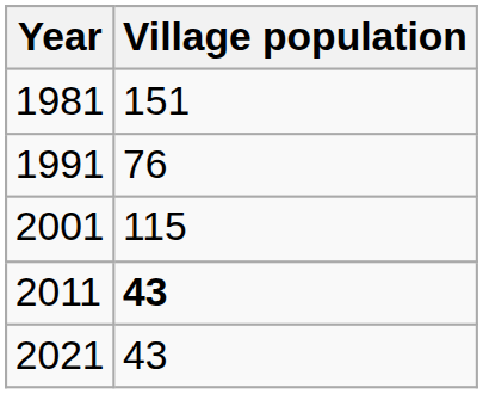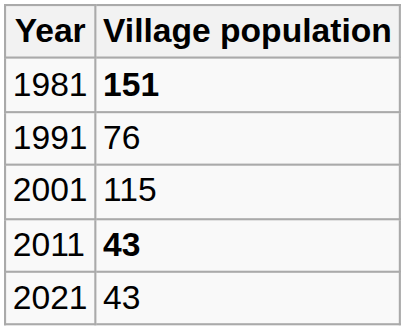 <table class=wikitable>
 <tr>
 <th>Year</th>
 <th>Village population</th>
 </tr>
 <tr>
 <td>1981</td>
-<td>151</td>
+<td><strong>151</strong></td>
 </tr>
 <tr>
 <td>1991</td>
 <td>76</td>
 </tr>
 <tr>
 <td>2001</td>
 <td>115</td>
 </tr>
 <tr>
 <td>2011</td>
 <td><strong>43</strong></td>
 </tr>
 <tr>
 <td>2021</td>
 <td>43</td>
 </tr>
 </table>
